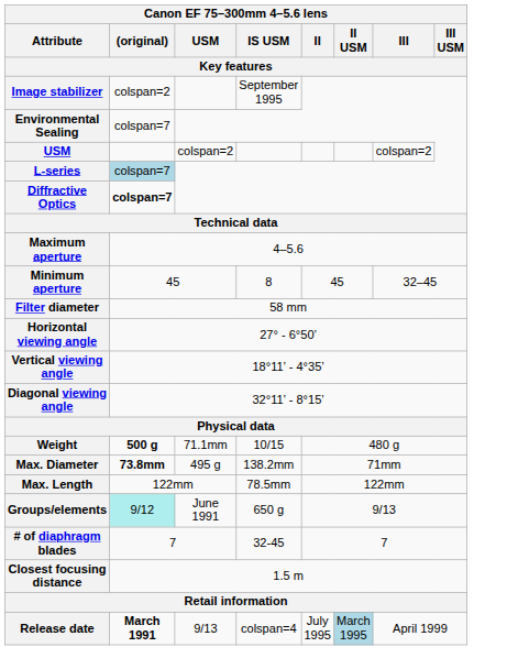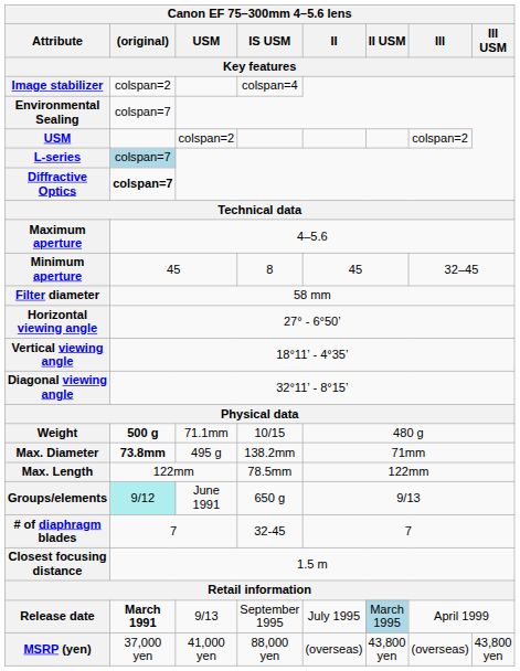 <table class="wikitable" style="text-align:center">
 <tr>
 <th colspan=8>Canon EF 75–300mm 4–5.6 lens</th>
 </tr>
 <tr>
 <th>Attribute</th>
 <th>(original)</th>
 <th>USM</th>
 <th>IS USM</th>
 <th>II</th>
 <th>II USM</th>
 <th>III</th>
 <th>III USM</th>
 </tr>
 <tr>
 <th colspan=8>Key features</th>
 </tr>
 <tr>
 <th><a href='#'>Image stabilizer</a></th>
 <td>colspan=2 </td>
 <td></td>
-<td>September 1995</td>
+<td>colspan=4 </td>
 </tr>
 <tr>
 <th>Environmental Sealing</th>
 <td>colspan=7 </td>
 </tr>
 <tr>
 <th><a href='#'>USM</a></th>
 <td></td>
 <td>colspan=2 </td>
 <td></td>
 <td></td>
 <td></td>
 <td>colspan=2 </td>
 </tr>
 <tr>
 <th><a href='#'>L-series</a></th>
 <td style="background: lightblue;">colspan=7 </td>
 </tr>
 <tr>
 <th><a href='#'>Diffractive Optics</a></th>
 <td><strong>colspan=7 </strong></td>
 </tr>
 <tr>
 <th colspan=8>Technical data</th>
 </tr>
 <tr>
 <th>Maximum <a href='#'>aperture</a></th>
 <td colspan=7>4–5.6</td>
 </tr>
 <tr>
 <th>Minimum <a href='#'>aperture</a></th>
 <td colspan=2>45</td>
 <td>8</td>
 <td colspan=2>45</td>
 <td colspan=2>32–45</td>
 </tr>
 <tr>
 <th><a href='#'>Filter</a> diameter</th>
 <td colspan=7>58 mm</td>
 </tr>
 <tr>
 <th>Horizontal <a href='#'>viewing angle</a></th>
 <td colspan=7>27° - 6°50’</td>
 </tr>
 <tr>
 <th>Vertical <a href='#'>viewing angle</a></th>
 <td colspan=7>18°11’ - 4°35’</td>
 </tr>
 <tr>
 <th>Diagonal <a href='#'>viewing angle</a></th>
 <td colspan=7>32°11’ - 8°15’</td>
 </tr>
 <tr>
 <th colspan=8>Physical data</th>
 </tr>
 <tr>
 <th>Weight</th>
 <td><strong>500 g</strong></td>
 <td>71.1mm</td>
 <td>10/15</td>
 <td colspan=4>480 g</td>
 </tr>
 <tr>
 <th>Max. Diameter</th>
 <td><strong>73.8mm</strong></td>
 <td>495 g</td>
 <td>138.2mm</td>
 <td colspan=4>71mm</td>
 </tr>
 <tr>
 <th>Max. Length</th>
 <td colspan=2>122mm</td>
 <td>78.5mm</td>
 <td colspan=4>122mm</td>
 </tr>
 <tr>
 <th>Groups/elements</th>
 <td style="background: paleturquoise;">9/12</td>
 <td>June 1991</td>
 <td>650 g</td>
 <td colspan=4>9/13</td>
 </tr>
 <tr>
 <th># of <a href='#'>diaphragm</a> blades</th>
 <td colspan=2>7</td>
 <td>32-45</td>
 <td colspan=4>7</td>
 </tr>
 <tr>
 <th>Closest focusing distance</th>
 <td colspan=7>1.5 m</td>
 </tr>
 <tr>
 <th colspan=8>Retail information</th>
 </tr>
 <tr>
 <th>Release date</th>
 <td><strong>March 1991</strong></td>
 <td>9/13</td>
-<td>colspan=4 </td>
+<td>September 1995</td>
 <td>July 1995</td>
 <td style="background: lightblue;">March 1995</td>
 <td colspan=2>April 1999</td>
 </tr>
+<tr>
+<th><a href='#'>MSRP</a> (yen)</th>
+<td>37,000 yen</td>
+<td>41,000 yen</td>
+<td>88,000 yen</td>
+<td>(overseas)</td>
+<td>43,800 yen</td>
+<td>(overseas)</td>
+<td>43,800 yen</td>
+</tr>
 </table>
